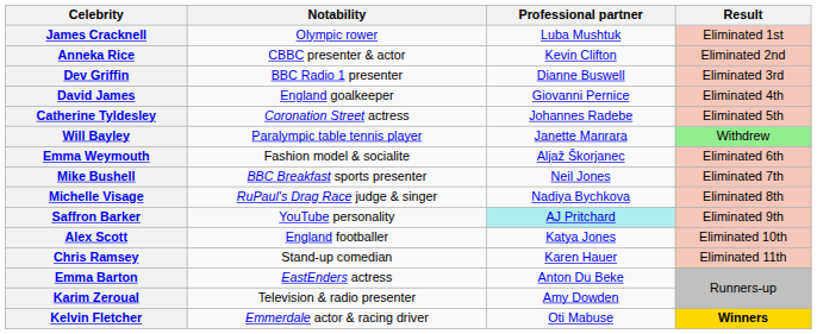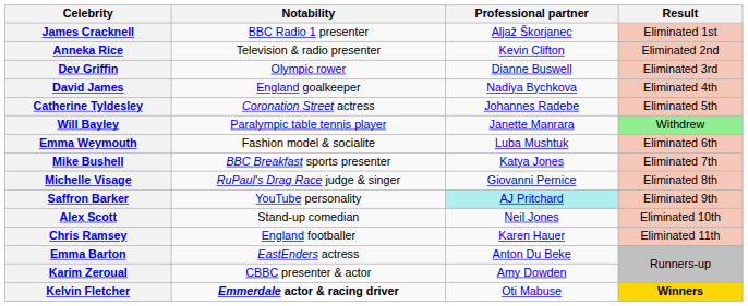 <table class="wikitable sortable" style="text-align:center; width:80%">
 <tr>
 <th scope="col">Celebrity</th>
 <th scope="col" class="unsortable">Notability</th>
 <th scope="col">Professional partner</th>
 <th scope="col">Result</th>
 </tr>
 <tr>
 <th><a href='#'>James Cracknell</a></th>
-<td><a href='#'>Olympic rower</a></td>
-<td><a href='#'>Luba Mushtuk</a></td>
+<td><a href='#'>BBC Radio 1</a> presenter</td>
+<td><a href='#'>Aljaž Škorjanec</a></td>
 <td bgcolor="f4c7b8">Eliminated 1st</td>
 </tr>
 <tr>
 <th><a href='#'>Anneka Rice</a></th>
-<td><a href='#'>CBBC</a> presenter & actor</td>
+<td>Television & radio presenter</td>
 <td><a href='#'>Kevin Clifton</a></td>
 <td bgcolor="f4c7b8">Eliminated 2nd</td>
 </tr>
 <tr>
 <th><a href='#'>Dev Griffin</a></th>
-<td><a href='#'>BBC Radio 1</a> presenter</td>
+<td><a href='#'>Olympic rower</a></td>
 <td><a href='#'>Dianne Buswell</a></td>
 <td bgcolor="f4c7b8">Eliminated 3rd</td>
 </tr>
 <tr>
 <th><a href='#'>David James</a></th>
 <td><a href='#'>England</a> goalkeeper</td>
-<td><a href='#'>Giovanni Pernice</a></td>
+<td><a href='#'>Nadiya Bychkova</a></td>
 <td bgcolor="f4c7b8">Eliminated 4th</td>
 </tr>
 <tr>
 <th><a href='#'>Catherine Tyldesley</a></th>
 <td><em><a href='#'>Coronation Street</a></em> actress</td>
 <td><a href='#'>Johannes Radebe</a></td>
 <td bgcolor="f4c7b8">Eliminated 5th</td>
 </tr>
 <tr>
 <th><a href='#'>Will Bayley</a></th>
 <td><a href='#'>Paralympic table tennis player</a></td>
 <td><a href='#'>Janette Manrara</a></td>
 <td style="background:lightgreen;">Withdrew</td>
 </tr>
 <tr>
 <th><a href='#'>Emma Weymouth</a></th>
 <td>Fashion model & socialite</td>
-<td><a href='#'>Aljaž Škorjanec</a></td>
+<td><a href='#'>Luba Mushtuk</a></td>
 <td bgcolor="f4c7b8">Eliminated 6th</td>
 </tr>
 <tr>
 <th><a href='#'>Mike Bushell</a></th>
 <td><em><a href='#'>BBC Breakfast</a></em> sports presenter</td>
-<td><a href='#'>Neil Jones</a></td>
+<td><a href='#'>Katya Jones</a></td>
 <td bgcolor="f4c7b8">Eliminated 7th</td>
 </tr>
 <tr>
 <th><a href='#'>Michelle Visage</a></th>
 <td><em><a href='#'>RuPaul's Drag Race</a></em> judge & singer</td>
-<td><a href='#'>Nadiya Bychkova</a></td>
+<td><a href='#'>Giovanni Pernice</a></td>
 <td bgcolor="f4c7b8">Eliminated 8th</td>
 </tr>
 <tr>
 <th><a href='#'>Saffron Barker</a></th>
 <td><a href='#'>YouTube</a> personality</td>
 <td style="background: paleturquoise;"><a href='#'>AJ Pritchard</a></td>
 <td bgcolor="f4c7b8">Eliminated 9th</td>
 </tr>
 <tr>
 <th><a href='#'>Alex Scott</a></th>
-<td><a href='#'>England</a> footballer</td>
-<td><a href='#'>Katya Jones</a></td>
+<td>Stand-up comedian</td>
+<td><a href='#'>Neil Jones</a></td>
 <td bgcolor="f4c7b8">Eliminated 10th</td>
 </tr>
 <tr>
 <th><a href='#'>Chris Ramsey</a></th>
-<td>Stand-up comedian</td>
+<td><a href='#'>England</a> footballer</td>
 <td><a href='#'>Karen Hauer</a></td>
 <td bgcolor="f4c7b8">Eliminated 11th</td>
 </tr>
 <tr>
 <th><a href='#'>Emma Barton</a></th>
 <td><em><a href='#'>EastEnders</a></em> actress</td>
 <td><a href='#'>Anton Du Beke</a></td>
 <td rowspan="2" bgcolor="silver">Runners-up</td>
 </tr>
 <tr>
 <th><a href='#'>Karim Zeroual</a></th>
-<td>Television & radio presenter</td>
+<td><a href='#'>CBBC</a> presenter & actor</td>
 <td><a href='#'>Amy Dowden</a></td>
 </tr>
 <tr>
 <th><a href='#'>Kelvin Fletcher</a></th>
-<td><em><a href='#'>Emmerdale</a></em> actor & racing driver</td>
+<td><strong><em><a href='#'>Emmerdale</a></em> actor & racing driver</strong></td>
 <td><a href='#'>Oti Mabuse</a></td>
 <td bgcolor="gold"><strong>Winners</strong></td>
 </tr>
 </table>
